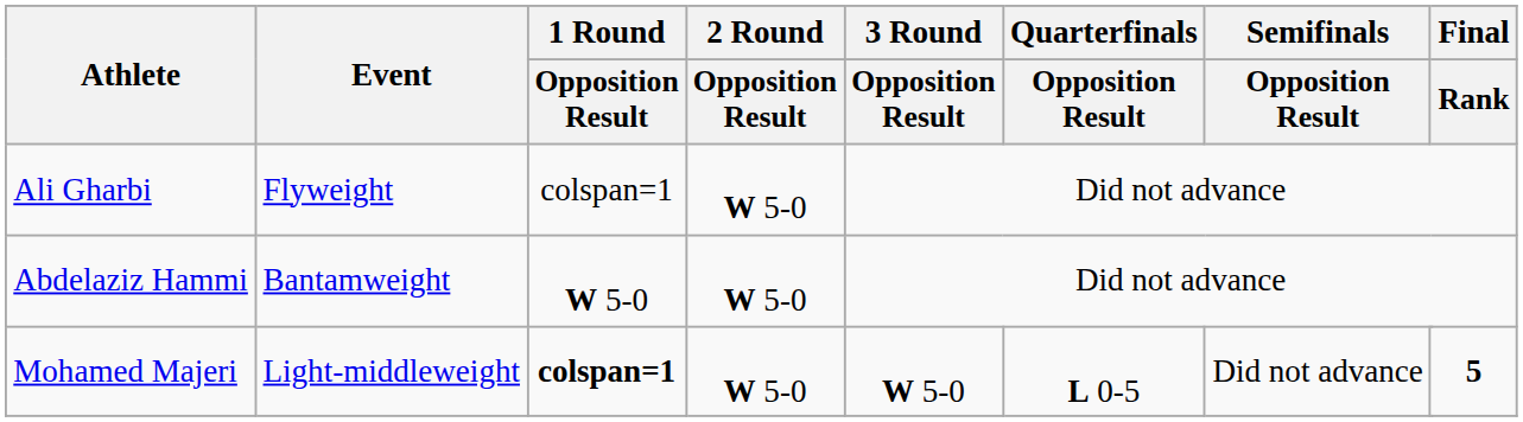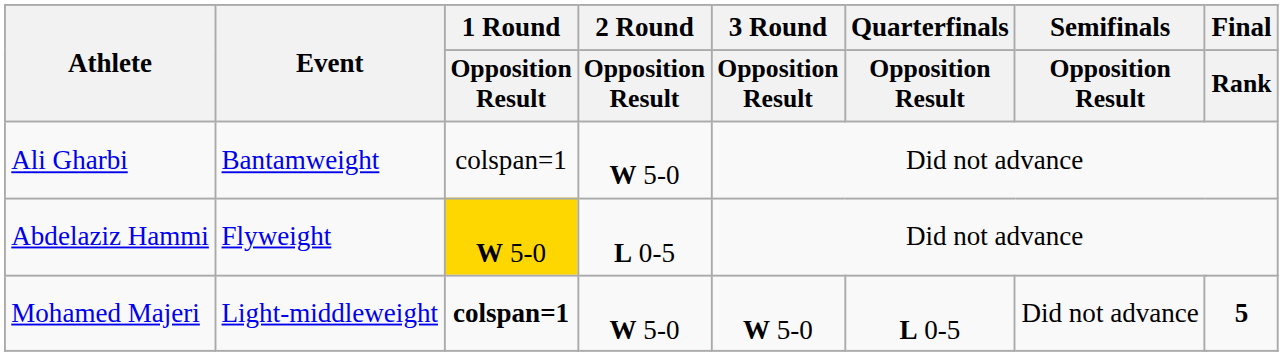 <table class="wikitable" style="font-size:90%">
 <tr>
 <th rowspan="2">Athlete</th>
 <th rowspan="2">Event</th>
 <th>1 Round</th>
 <th>2 Round</th>
 <th>3 Round</th>
 <th>Quarterfinals</th>
 <th>Semifinals</th>
 <th colspan=2>Final</th>
 </tr>
 <tr style="font-size:95%">
 <th>Opposition<br>Result</th>
 <th>Opposition<br>Result</th>
 <th>Opposition<br>Result</th>
 <th>Opposition<br>Result</th>
 <th>Opposition<br>Result</th>
 <th colspan=2>Rank</th>
 </tr>
 <tr align=center>
 <td align=left><a href='#'>Ali Gharbi</a></td>
-<td align=left><a href='#'>Flyweight</a></td>
+<td align=left><a href='#'>Bantamweight</a></td>
 <td>colspan=1 </td>
 <td><br><strong>W</strong> 5-0</td>
 <td colspan=5>Did not advance</td>
 </tr>
 <tr align=center>
 <td align=left><a href='#'>Abdelaziz Hammi</a></td>
-<td align=left><a href='#'>Bantamweight</a></td>
-<td><br><strong>W</strong> 5-0</td>
-<td><br><strong>W</strong> 5-0</td>
+<td align=left><a href='#'>Flyweight</a></td>
+<td style="background: gold;"><br><strong>W</strong> 5-0</td>
+<td><br><strong>L</strong> 0-5</td>
 <td colspan=5>Did not advance</td>
 </tr>
 <tr align=center>
 <td align=left><a href='#'>Mohamed Majeri</a></td>
 <td align=left><a href='#'>Light-middleweight</a></td>
 <td><strong>colspan=1 </strong></td>
 <td><br><strong>W</strong> 5-0</td>
 <td><br><strong>W</strong> 5-0</td>
 <td><br><strong>L</strong> 0-5</td>
 <td colspan=2>Did not advance</td>
 <td><strong>5</strong></td>
 </tr>
 </table>
